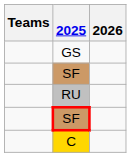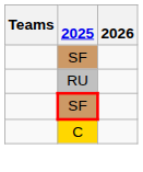 <table class="wikitable" style="text-align:center;">
 <tr>
 <th>Teams</th>
 <th><br><a href='#'>2025</a></th>
 <th><br>2026</th>
-</tr>
-<tr>
-<td align="left"></td>
-<td>GS</td>
-<td></td>
 </tr>
 <tr>
 <td align="left"></td>
 <td style="background:#cc9966">SF</td>
 <td></td>
 </tr>
 <tr>
 <td align="left"></td>
 <td style="background:silver">RU</td>
 <td></td>
 </tr>
 <tr>
 <td align="left"></td>
 <td style="border: 3px solid red; background:#cc9966">SF</td>
 <td></td>
 </tr>
 <tr>
 <td align="left"></td>
 <td style="background:gold">C</td>
 <td></td>
 </tr>
 </table>
